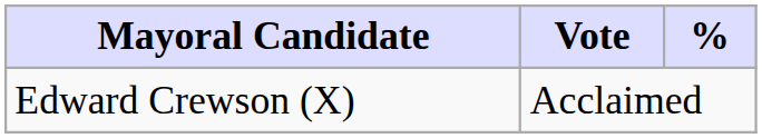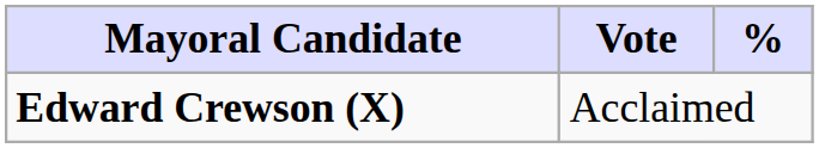 <table class="wikitable">
 <tr>
 <th style="background:#ddf; width:200px;">Mayoral Candidate </th>
 <th style="background:#ddf; width:50px;">Vote</th>
 <th style="background:#ddf; width:30px;">%</th>
 </tr>
 <tr>
-<td>Edward Crewson (X)</td>
+<td><strong>Edward Crewson (X)</strong></td>
 <td colspan="2">Acclaimed</td>
 </tr>
 </table>
